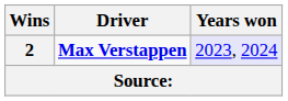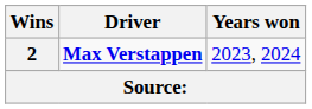 <table class="wikitable" style="font-size: 95%;">
 <tr>
 <th>Wins</th>
 <th>Driver</th>
 <th>Years won</th>
 </tr>
 <tr>
 <th>2</th>
 <td><strong> <a href='#'>Max Verstappen</a></strong></td>
-<td style="background: lavender;"><a href='#'>2023</a>, <a href='#'>2024</a></td>
+<td><a href='#'>2023</a>, <a href='#'>2024</a></td>
 </tr>
 <tr>
 <th colspan=4>Source:</th>
 </tr>
 </table>
